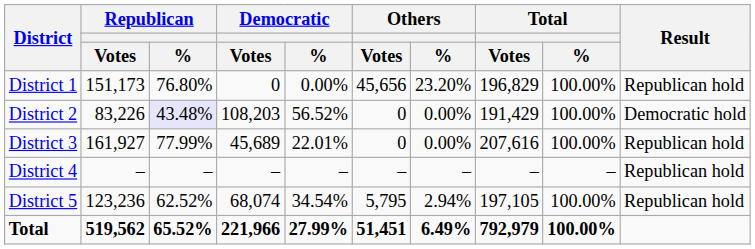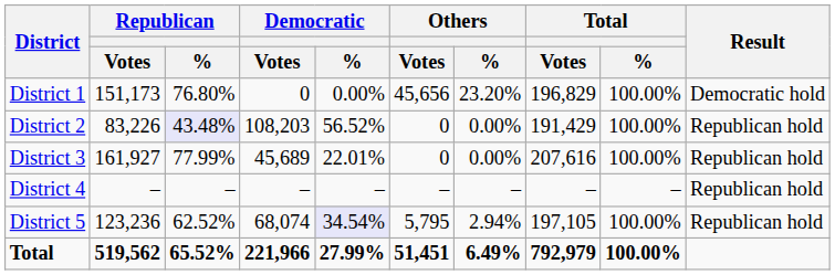 <table class="wikitable plainrowheaders sortable" style="font-size:100%; text-align:right;">
 <tr>
 <th scope=col rowspan=3><a href='#'>District</a></th>
 <th scope=col colspan=2><a href='#'>Republican</a></th>
 <th scope=col colspan=2><a href='#'>Democratic</a></th>
 <th scope=col colspan=2>Others</th>
 <th scope=col colspan=2>Total</th>
 <th scope=col rowspan=3>Result</th>
 </tr>
 <tr>
 <th scope=col colspan=2 style="background:"></th>
 <th scope=col colspan=2 style="background:"></th>
 <th scope=col colspan=2></th>
 <th scope=col colspan=2></th>
 </tr>
 <tr>
 <th scope=col data-sort-type="number">Votes</th>
 <th scope=col data-sort-type="number">%</th>
 <th scope=col data-sort-type="number">Votes</th>
 <th scope=col data-sort-type="number">%</th>
 <th scope=col data-sort-type="number">Votes</th>
 <th scope=col data-sort-type="number">%</th>
 <th scope=col data-sort-type="number">Votes</th>
 <th scope=col data-sort-type="number">%</th>
 </tr>
 <tr>
 <td align=left><a href='#'>District 1</a></td>
 <td>151,173</td>
 <td>76.80%</td>
 <td>0</td>
 <td>0.00%</td>
 <td>45,656</td>
 <td>23.20%</td>
 <td>196,829</td>
 <td>100.00%</td>
-<td align=left>Republican hold</td>
+<td align=left>Democratic hold</td>
 </tr>
 <tr>
 <td align=left><a href='#'>District 2</a></td>
 <td>83,226</td>
 <td style="background: lavender;">43.48%</td>
 <td>108,203</td>
 <td>56.52%</td>
 <td>0</td>
 <td>0.00%</td>
 <td>191,429</td>
 <td>100.00%</td>
-<td align=left>Democratic hold</td>
+<td align=left>Republican hold</td>
 </tr>
 <tr>
 <td align=left><a href='#'>District 3</a></td>
 <td>161,927</td>
 <td>77.99%</td>
 <td>45,689</td>
 <td>22.01%</td>
 <td>0</td>
 <td>0.00%</td>
 <td>207,616</td>
 <td>100.00%</td>
 <td align=left>Republican hold</td>
 </tr>
 <tr>
 <td align=left><a href='#'>District 4</a></td>
 <td>–</td>
 <td>–</td>
 <td>–</td>
 <td>–</td>
 <td>–</td>
 <td>–</td>
 <td>–</td>
 <td>–</td>
 <td align=left>Republican hold</td>
 </tr>
 <tr>
 <td align=left><a href='#'>District 5</a></td>
 <td>123,236</td>
 <td>62.52%</td>
 <td>68,074</td>
-<td>34.54%</td>
+<td style="background: lavender;">34.54%</td>
 <td>5,795</td>
 <td>2.94%</td>
 <td>197,105</td>
 <td>100.00%</td>
 <td align=left>Republican hold</td>
 </tr>
 <tr class="sortbottom" style="font-weight:bold">
 <td align=left>Total</td>
 <td>519,562</td>
 <td>65.52%</td>
 <td>221,966</td>
 <td>27.99%</td>
 <td>51,451</td>
 <td>6.49%</td>
 <td>792,979</td>
 <td>100.00%</td>
 <td></td>
 </tr>
 </table>
